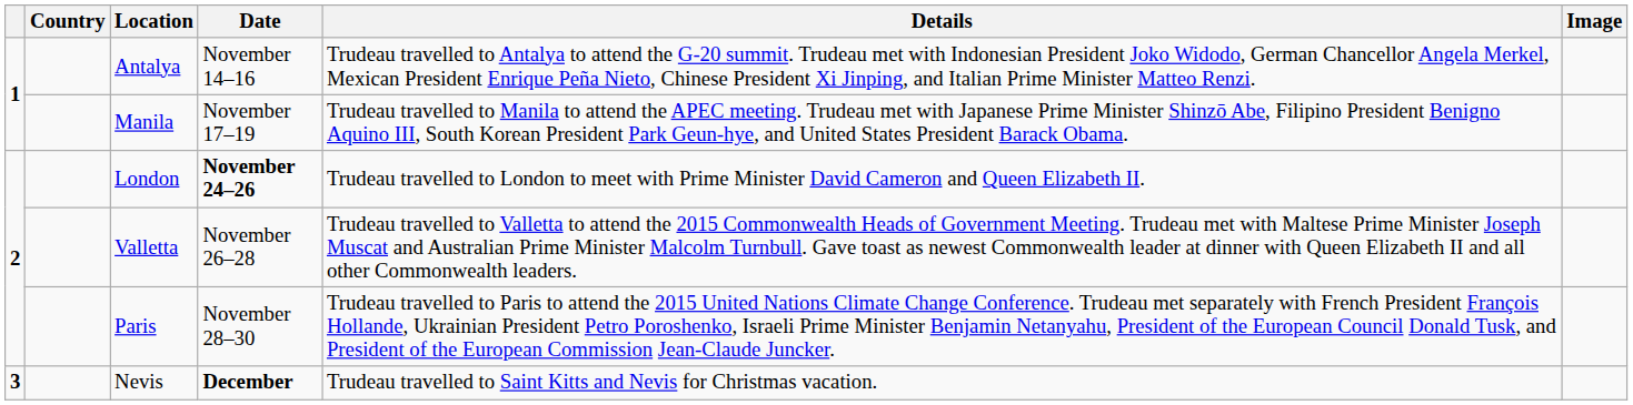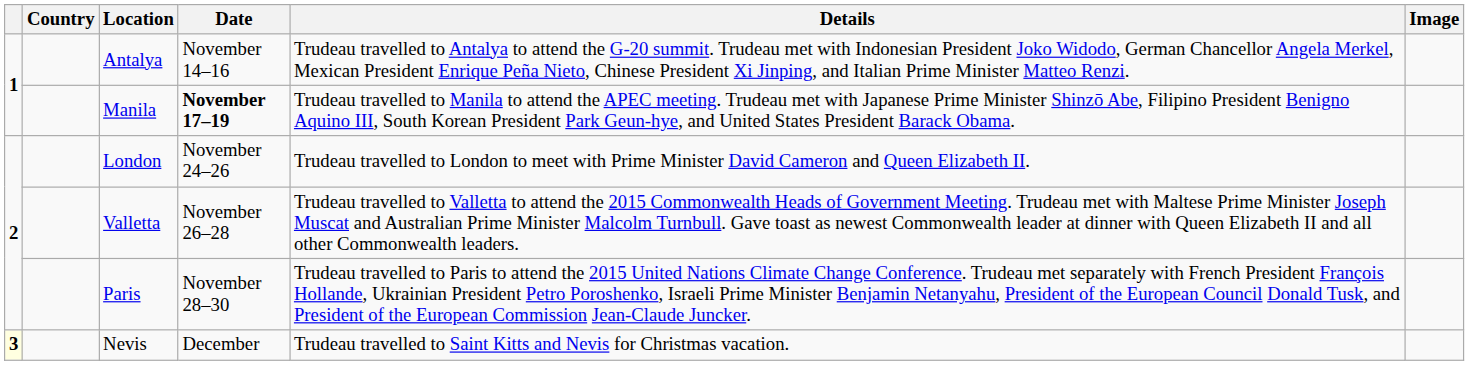 <table class="wikitable sortable">
 <tr>
 <th></th>
 <th>Country</th>
 <th>Location</th>
 <th>Date</th>
 <th>Details</th>
 <th>Image</th>
 </tr>
 <tr>
 <td rowspan=2><strong>1</strong></td>
 <td></td>
 <td><a href='#'>Antalya</a></td>
 <td>November 14–16</td>
 <td>Trudeau travelled to <a href='#'>Antalya</a> to attend the <a href='#'>G-20 summit</a>. Trudeau met with Indonesian President <a href='#'>Joko Widodo</a>, German Chancellor <a href='#'>Angela Merkel</a>, Mexican President <a href='#'>Enrique Peña Nieto</a>, Chinese President <a href='#'>Xi Jinping</a>, and Italian Prime Minister <a href='#'>Matteo Renzi</a>.</td>
 <td></td>
 </tr>
 <tr>
 <td></td>
 <td><a href='#'>Manila</a></td>
-<td>November 17–19</td>
+<td><strong>November 17–19</strong></td>
 <td>Trudeau travelled to <a href='#'>Manila</a> to attend the <a href='#'>APEC meeting</a>. Trudeau met with Japanese Prime Minister <a href='#'>Shinzō Abe</a>, Filipino President <a href='#'>Benigno Aquino III</a>, South Korean President <a href='#'>Park Geun-hye</a>, and United States President <a href='#'>Barack Obama</a>.</td>
 <td></td>
 </tr>
 <tr>
 <td rowspan=3><strong>2</strong></td>
 <td></td>
 <td><a href='#'>London</a></td>
-<td><strong>November 24–26</strong></td>
+<td>November 24–26</td>
 <td>Trudeau travelled to London to meet with Prime Minister <a href='#'>David Cameron</a> and <a href='#'>Queen Elizabeth II</a>.</td>
 <td></td>
 </tr>
 <tr>
 <td></td>
 <td><a href='#'>Valletta</a></td>
 <td>November 26–28</td>
 <td>Trudeau travelled to <a href='#'>Valletta</a> to attend the <a href='#'>2015 Commonwealth Heads of Government Meeting</a>. Trudeau met with Maltese Prime Minister <a href='#'>Joseph Muscat</a> and Australian Prime Minister <a href='#'>Malcolm Turnbull</a>. Gave toast as newest Commonwealth leader at dinner with Queen Elizabeth II and all other Commonwealth leaders.</td>
 <td></td>
 </tr>
 <tr>
 <td></td>
 <td><a href='#'>Paris</a></td>
 <td>November 28–30</td>
 <td>Trudeau travelled to Paris to attend the <a href='#'>2015 United Nations Climate Change Conference</a>. Trudeau met separately with French President <a href='#'>François Hollande</a>, Ukrainian President <a href='#'>Petro Poroshenko</a>, Israeli Prime Minister <a href='#'>Benjamin Netanyahu</a>, <a href='#'>President of the European Council</a> <a href='#'>Donald Tusk</a>, and <a href='#'>President of the European Commission</a> <a href='#'>Jean-Claude Juncker</a>.</td>
 <td></td>
 </tr>
 <tr>
-<td><strong>3</strong></td>
+<td style="background: lightyellow;"><strong>3</strong></td>
 <td></td>
 <td>Nevis</td>
-<td><strong>December</strong></td>
+<td>December</td>
 <td>Trudeau travelled to <a href='#'>Saint Kitts and Nevis</a> for Christmas vacation.</td>
 <td></td>
 </tr>
 </table>
